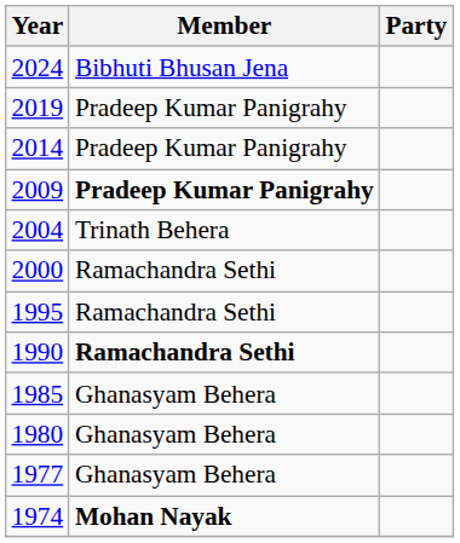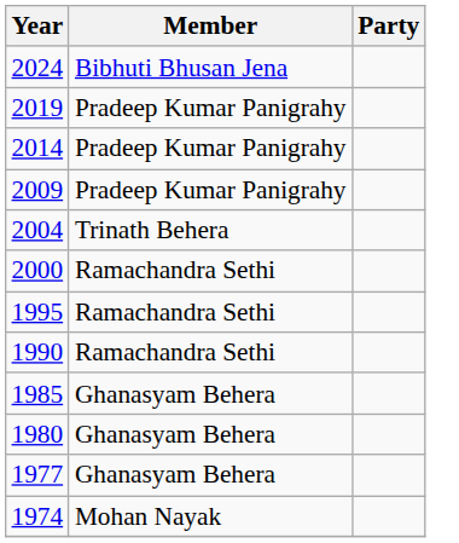 <table class="wikitable sortable">
 <tr>
 <th>Year</th>
 <th>Member</th>
 <th colspan=2>Party</th>
 </tr>
 <tr>
 <td><a href='#'>2024</a></td>
 <td><a href='#'>Bibhuti Bhusan Jena</a></td>
 <td></td>
 </tr>
 <tr>
 <td><a href='#'>2019</a></td>
 <td>Pradeep Kumar Panigrahy</td>
 <td></td>
 </tr>
 <tr>
 <td><a href='#'>2014</a></td>
 <td>Pradeep Kumar Panigrahy</td>
 <td></td>
 </tr>
 <tr>
 <td><a href='#'>2009</a></td>
-<td><strong>Pradeep Kumar Panigrahy</strong></td>
+<td>Pradeep Kumar Panigrahy</td>
 <td></td>
 </tr>
 <tr>
 <td><a href='#'>2004</a></td>
 <td>Trinath Behera</td>
 <td></td>
 </tr>
 <tr>
 <td><a href='#'>2000</a></td>
 <td>Ramachandra Sethi</td>
 <td></td>
 </tr>
 <tr>
 <td><a href='#'>1995</a></td>
 <td>Ramachandra Sethi</td>
 <td></td>
 </tr>
 <tr>
 <td><a href='#'>1990</a></td>
-<td><strong>Ramachandra Sethi</strong></td>
+<td>Ramachandra Sethi</td>
 <td></td>
 </tr>
 <tr>
 <td><a href='#'>1985</a></td>
 <td>Ghanasyam Behera</td>
 <td></td>
 </tr>
 <tr>
 <td><a href='#'>1980</a></td>
 <td>Ghanasyam Behera</td>
 <td></td>
 </tr>
 <tr>
 <td><a href='#'>1977</a></td>
 <td>Ghanasyam Behera</td>
 <td></td>
 </tr>
 <tr>
 <td><a href='#'>1974</a></td>
-<td><strong>Mohan Nayak</strong></td>
+<td>Mohan Nayak</td>
 <td></td>
 </tr>
 <tr>
 </tr>
 </table>
